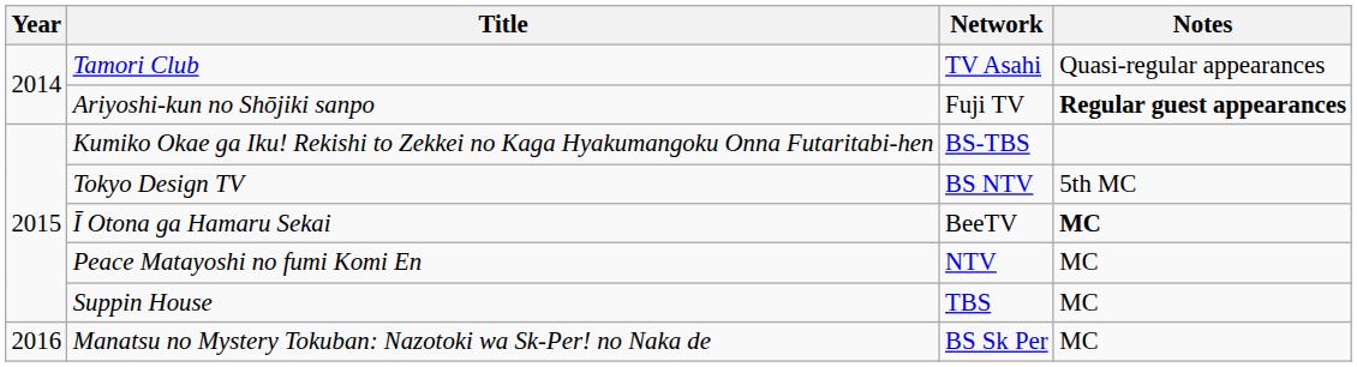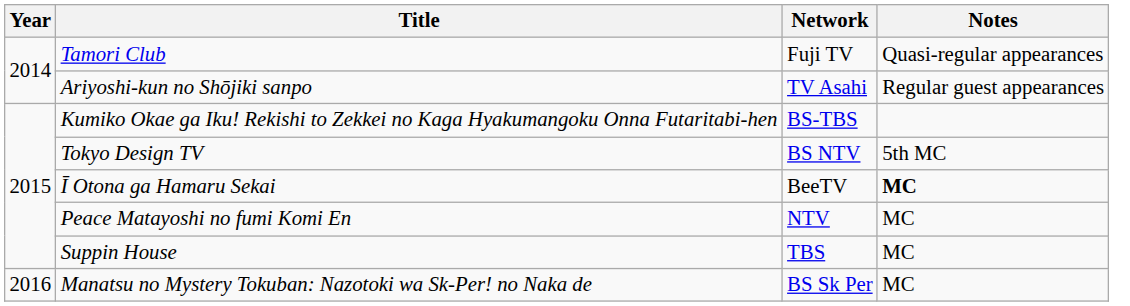 <table class="wikitable">
 <tr>
 <th>Year</th>
 <th>Title</th>
 <th>Network</th>
 <th>Notes</th>
 </tr>
 <tr>
 <td rowspan="2'">2014</td>
 <td><em><a href='#'>Tamori Club</a></em></td>
-<td><a href='#'>TV Asahi</a></td>
+<td>Fuji TV</td>
 <td>Quasi-regular appearances</td>
 </tr>
 <tr>
 <td><em>Ariyoshi-kun no Shōjiki sanpo</em></td>
-<td>Fuji TV</td>
-<td><strong>Regular guest appearances</strong></td>
+<td><a href='#'>TV Asahi</a></td>
+<td>Regular guest appearances</td>
 </tr>
 <tr>
 <td rowspan="5">2015</td>
 <td><em>Kumiko Okae ga Iku! Rekishi to Zekkei no Kaga Hyakumangoku Onna Futaritabi-hen</em></td>
 <td><a href='#'>BS-TBS</a></td>
 <td></td>
 </tr>
 <tr>
 <td><em>Tokyo Design TV</em></td>
 <td><a href='#'>BS NTV</a></td>
 <td>5th MC</td>
 </tr>
 <tr>
 <td><em>Ī Otona ga Hamaru Sekai</em></td>
 <td>BeeTV</td>
 <td><strong>MC</strong></td>
 </tr>
 <tr>
 <td><em>Peace Matayoshi no fumi Komi En</em></td>
 <td><a href='#'>NTV</a></td>
 <td>MC</td>
 </tr>
 <tr>
 <td><em>Suppin House</em></td>
 <td><a href='#'>TBS</a></td>
 <td>MC</td>
 </tr>
 <tr>
 <td>2016</td>
 <td><em>Manatsu no Mystery Tokuban: Nazotoki wa Sk-Per! no Naka de</em></td>
 <td><a href='#'>BS Sk Per</a></td>
 <td>MC</td>
 </tr>
 </table>
